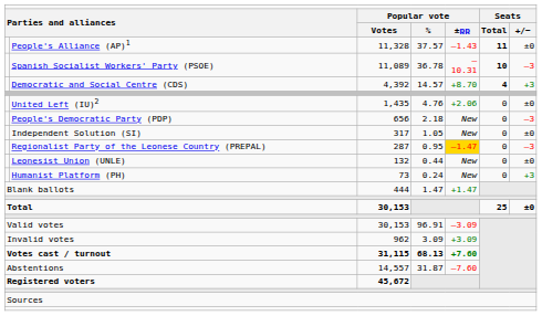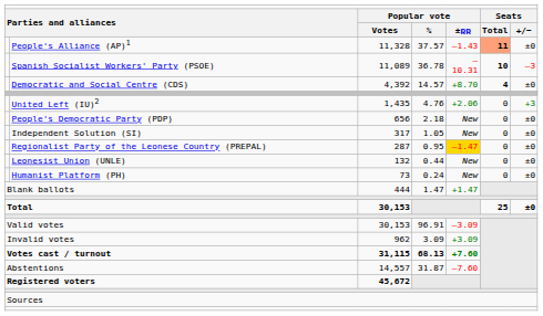 <table class="wikitable" style="text-align:right;">
 <tr>
 <td colspan="7"></td>
 </tr>
 <tr>
 <th style="text-align:left;" rowspan="2" colspan="2" width="525">Parties and alliances</th>
 <th colspan="3">Popular vote</th>
 <th colspan="2">Seats</th>
 </tr>
 <tr>
 <th width="75">Votes</th>
 <th width="45">%</th>
 <th width="45">±<a href='#'>pp</a></th>
 <th width="35">Total</th>
 <th width="35">+/−</th>
 </tr>
 <tr>
 <td width="1" style="color:inherit;background:"></td>
 <td align="left"><a href='#'>People's Alliance</a> (AP)<sup>1</sup></td>
 <td>11,328</td>
 <td>37.57</td>
 <td style="color:red;">–1.43</td>
-<td><strong>11</strong></td>
+<td style="background: lightsalmon;"><strong>11</strong></td>
 <td>±0</td>
 </tr>
 <tr>
 <td style="color:inherit;background:"></td>
 <td align="left"><a href='#'>Spanish Socialist Workers' Party</a> (PSOE)</td>
 <td>11,089</td>
 <td>36.78</td>
 <td style="color:red;">–10.31</td>
 <td><strong>10</strong></td>
 <td style="color:red;">–3</td>
 </tr>
 <tr>
 <td style="color:inherit;background:"></td>
 <td align="left"><a href='#'>Democratic and Social Centre</a> (CDS)</td>
 <td>4,392</td>
 <td>14.57</td>
 <td style="color:green;">+8.70</td>
 <td><strong>4</strong></td>
-<td style="color:green;">+3</td>
+<td>±0</td>
 </tr>
 <tr>
 <td colspan="7" bgcolor="#C0C0C0"></td>
 </tr>
 <tr>
 <td style="color:inherit;background:"></td>
 <td align="left"><a href='#'>United Left</a> (IU)<sup>2</sup></td>
 <td>1,435</td>
 <td>4.76</td>
 <td style="color:green;">+2.06</td>
 <td>0</td>
-<td>±0</td>
+<td style="color:green;">+3</td>
 </tr>
 <tr>
 <td style="color:inherit;background:"></td>
 <td align="left"><a href='#'>People's Democratic Party</a> (PDP)</td>
 <td>656</td>
 <td>2.18</td>
 <td><em>New</em></td>
 <td>0</td>
-<td style="color:red;">–3</td>
+<td>±0</td>
 </tr>
 <tr>
 <td style="color:inherit;background:"></td>
 <td align="left">Independent Solution (SI)</td>
 <td>317</td>
 <td>1.05</td>
 <td><em>New</em></td>
 <td>0</td>
 <td>±0</td>
 </tr>
 <tr>
 <td style="color:inherit;background:"></td>
 <td align="left"><a href='#'>Regionalist Party of the Leonese Country</a> (PREPAL)</td>
 <td>287</td>
 <td>0.95</td>
 <td style="background: gold; color:red;">–1.47</td>
 <td>0</td>
-<td style="color:red;">–3</td>
+<td>±0</td>
 </tr>
 <tr>
 <td style="color:inherit;background:"></td>
 <td align="left"><a href='#'>Leonesist Union</a> (UNLE)</td>
 <td>132</td>
 <td>0.44</td>
 <td><em>New</em></td>
 <td>0</td>
 <td>±0</td>
 </tr>
 <tr>
 <td style="color:inherit;background:"></td>
 <td align="left"><a href='#'>Humanist Platform</a> (PH)</td>
 <td>73</td>
 <td>0.24</td>
 <td><em>New</em></td>
 <td>0</td>
-<td style="color:green;">+3</td>
+<td>±0</td>
 </tr>
 <tr>
 <td align="left" colspan="2">Blank ballots</td>
 <td>444</td>
 <td>1.47</td>
 <td style="color:green;">+1.47</td>
 <td bgcolor="#E9E9E9" colspan="2"></td>
 </tr>
 <tr>
 <td colspan="7" bgcolor="#E9E9E9"></td>
 </tr>
 <tr style="font-weight:bold;">
 <td align="left" colspan="2">Total</td>
 <td>30,153</td>
 <td bgcolor="#E9E9E9" colspan="2"></td>
 <td>25</td>
 <td>±0</td>
 </tr>
 <tr>
 <td colspan="7" bgcolor="#E9E9E9"></td>
 </tr>
 <tr>
 <td align="left" colspan="2">Valid votes</td>
 <td>30,153</td>
 <td>96.91</td>
 <td style="color:red;">–3.09</td>
 <td bgcolor="#E9E9E9" colspan="2" rowspan="5"></td>
 </tr>
 <tr>
 <td align="left" colspan="2">Invalid votes</td>
 <td>962</td>
 <td>3.09</td>
 <td style="color:green;">+3.09</td>
 </tr>
 <tr style="font-weight:bold;">
 <td align="left" colspan="2">Votes cast / turnout</td>
 <td>31,115</td>
 <td>68.13</td>
 <td style="color:green;">+7.60</td>
 </tr>
 <tr>
 <td align="left" colspan="2">Abstentions</td>
 <td>14,557</td>
 <td>31.87</td>
 <td style="color:red;">–7.60</td>
 </tr>
 <tr style="font-weight:bold;">
 <td align="left" colspan="2">Registered voters</td>
 <td>45,672</td>
 <td bgcolor="#E9E9E9" colspan="2"></td>
 </tr>
 <tr>
 <td colspan="7" bgcolor="#E9E9E9"></td>
 </tr>
 <tr>
 <td align="left" colspan="7">Sources</td>
 </tr>
 <tr>
 <td colspan="7" style="text-align:left; max-width:790px;"></td>
 </tr>
 </table>
